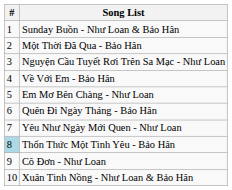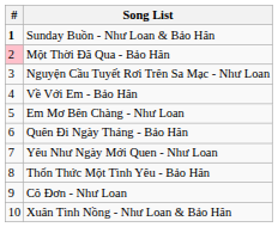 <table class="wikitable">
 <tr>
 <th>#</th>
 <th>Song List</th>
 </tr>
 <tr>
-<td>1</td>
+<td><strong>1</strong></td>
 <td>Sunday Buồn - Như Loan & Bảo Hân</td>
 </tr>
 <tr>
-<td>2</td>
+<td style="background: pink;">2</td>
 <td>Một Thời Đã Qua - Bảo Hân</td>
 </tr>
 <tr>
 <td>3</td>
 <td>Nguyện Cầu Tuyết Rơi Trên Sa Mạc - Như Loan</td>
 </tr>
 <tr>
 <td>4</td>
 <td>Về Với Em - Bảo Hân</td>
 </tr>
 <tr>
 <td>5</td>
 <td>Em Mơ Bên Chàng - Như Loan</td>
 </tr>
 <tr>
 <td>6</td>
 <td>Quên Đi Ngày Tháng - Bảo Hân</td>
 </tr>
 <tr>
 <td>7</td>
 <td>Yêu Như Ngày Mới Quen - Như Loan</td>
 </tr>
 <tr>
-<td style="background: lightblue;">8</td>
+<td>8</td>
 <td>Thổn Thức Một Tình Yêu - Bảo Hân</td>
 </tr>
 <tr>
 <td>9</td>
 <td>Cô Đơn  - Như Loan</td>
 </tr>
 <tr>
 <td>10</td>
 <td>Xuân Tình Nồng - Như Loan & Bảo Hân</td>
 </tr>
 </table>
